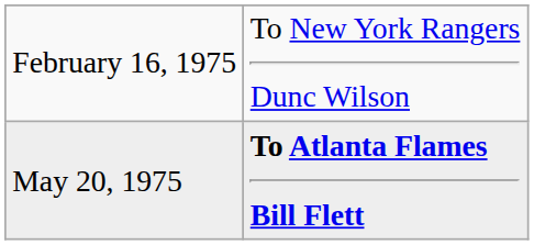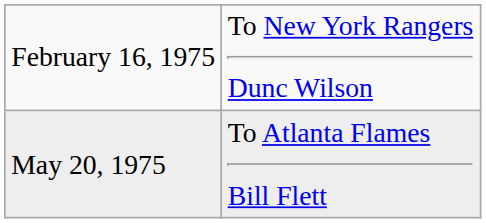 <table class="wikitable">
 <tr>
 <td>February 16, 1975</td>
 <td valign="top">To <a href='#'>New York Rangers</a><hr><a href='#'>Dunc Wilson</a></td>
 </tr>
 <tr style="background:#eee;">
 <td>May 20, 1975</td>
-<td valign="top"><strong>To <a href='#'>Atlanta Flames</a><hr><a href='#'>Bill Flett</a></strong></td>
+<td valign="top">To <a href='#'>Atlanta Flames</a><hr><a href='#'>Bill Flett</a></td>
 </tr>
 </table>
